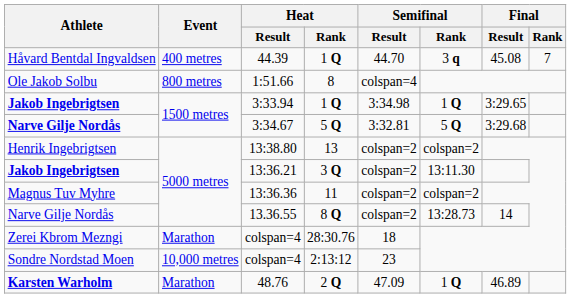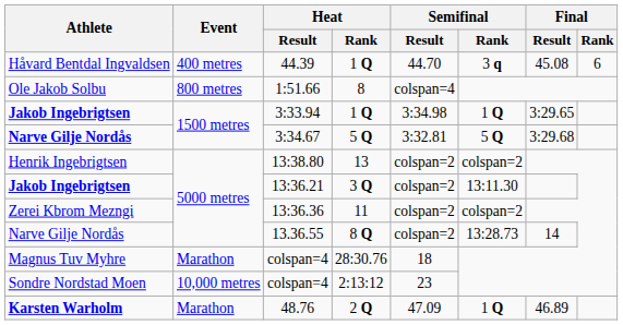 <table class="wikitable" style="font-size:90%">
 <tr>
 <th rowspan="2">Athlete</th>
 <th rowspan="2">Event</th>
 <th colspan="2">Heat</th>
 <th colspan="2">Semifinal</th>
 <th colspan="2">Final</th>
 </tr>
 <tr style="font-size:95%">
 <th>Result</th>
 <th>Rank</th>
 <th>Result</th>
 <th>Rank</th>
 <th>Result</th>
 <th>Rank</th>
 </tr>
 <tr align=center>
 <td align=left><a href='#'>Håvard Bentdal Ingvaldsen</a></td>
 <td align=left><a href='#'>400 metres</a></td>
 <td>44.39 </td>
 <td>1 <strong>Q</strong></td>
 <td>44.70</td>
 <td>3 <strong>q</strong></td>
 <td>45.08</td>
-<td>7</td>
+<td>6</td>
 </tr>
 <tr align=center>
 <td align=left><a href='#'>Ole Jakob Solbu</a></td>
 <td align=left><a href='#'>800 metres</a></td>
 <td>1:51.66</td>
 <td>8</td>
 <td>colspan=4 </td>
 </tr>
 <tr align=center>
 <td align=left><strong><a href='#'>Jakob Ingebrigtsen</a></strong></td>
 <td align=left rowspan=2><a href='#'>1500 metres</a></td>
 <td>3:33.94</td>
 <td>1 <strong>Q</strong></td>
 <td>3:34.98</td>
 <td>1 <strong>Q</strong></td>
 <td>3:29.65</td>
 <td></td>
 </tr>
 <tr align=center>
 <td align=left><strong><a href='#'>Narve Gilje Nordås</a></strong></td>
 <td>3:34.67</td>
 <td>5 <strong>Q</strong></td>
 <td>3:32.81</td>
 <td>5 <strong>Q</strong></td>
 <td>3:29.68</td>
 <td></td>
 </tr>
 <tr align=center>
 <td align=left><a href='#'>Henrik Ingebrigtsen</a></td>
 <td align=left rowspan=4><a href='#'>5000 metres</a></td>
 <td>13:38.80</td>
 <td>13</td>
 <td>colspan=2</td>
 <td>colspan=2 </td>
 </tr>
 <tr align=center>
 <td align=left><strong><a href='#'>Jakob Ingebrigtsen</a></strong></td>
 <td>13:36.21</td>
 <td>3 <strong>Q</strong></td>
 <td>colspan=2</td>
 <td>13:11.30</td>
 <td></td>
 </tr>
 <tr align=center>
-<td align=left><a href='#'>Magnus Tuv Myhre</a></td>
+<td align=left><a href='#'>Zerei Kbrom Mezngi</a></td>
 <td>13:36.36</td>
 <td>11</td>
 <td>colspan=2</td>
 <td>colspan=2 </td>
 </tr>
 <tr align=center>
 <td align=left><a href='#'>Narve Gilje Nordås</a></td>
 <td>13.36.55</td>
 <td>8 <strong>Q</strong></td>
 <td>colspan=2</td>
 <td>13:28.73</td>
 <td>14</td>
 </tr>
 <tr align=center>
-<td align=left><a href='#'>Zerei Kbrom Mezngi</a></td>
+<td align=left><a href='#'>Magnus Tuv Myhre</a></td>
 <td align=left><a href='#'>Marathon</a></td>
 <td>colspan=4</td>
 <td>28:30.76</td>
 <td>18</td>
 </tr>
 <tr align=center>
 <td align=left><a href='#'>Sondre Nordstad Moen</a></td>
 <td align=left><a href='#'>10,000 metres</a></td>
 <td>colspan=4</td>
 <td>2:13:12</td>
 <td>23</td>
 </tr>
 <tr align=center>
 <td align=left><strong><a href='#'>Karsten Warholm</a></strong></td>
 <td align=left><a href='#'>Marathon</a></td>
 <td>48.76</td>
 <td>2 <strong>Q</strong></td>
 <td>47.09</td>
 <td>1 <strong>Q</strong></td>
 <td>46.89</td>
 <td></td>
 </tr>
 </table>
